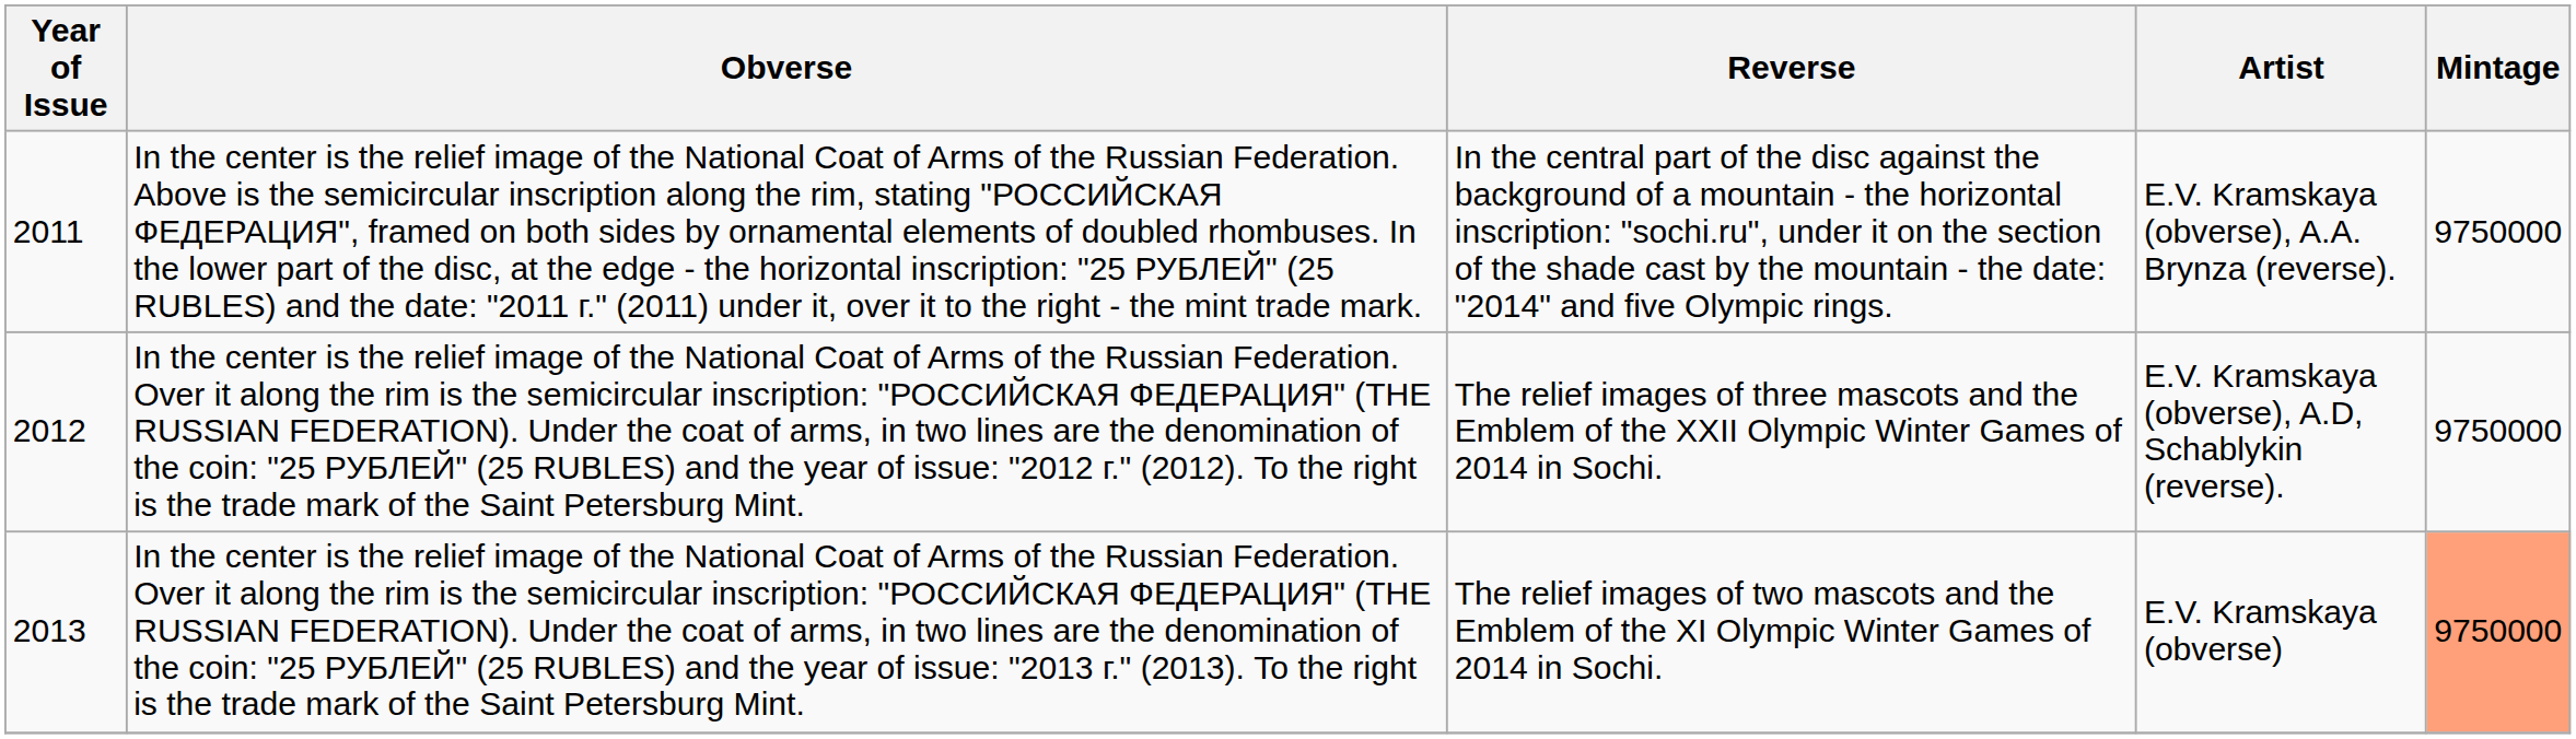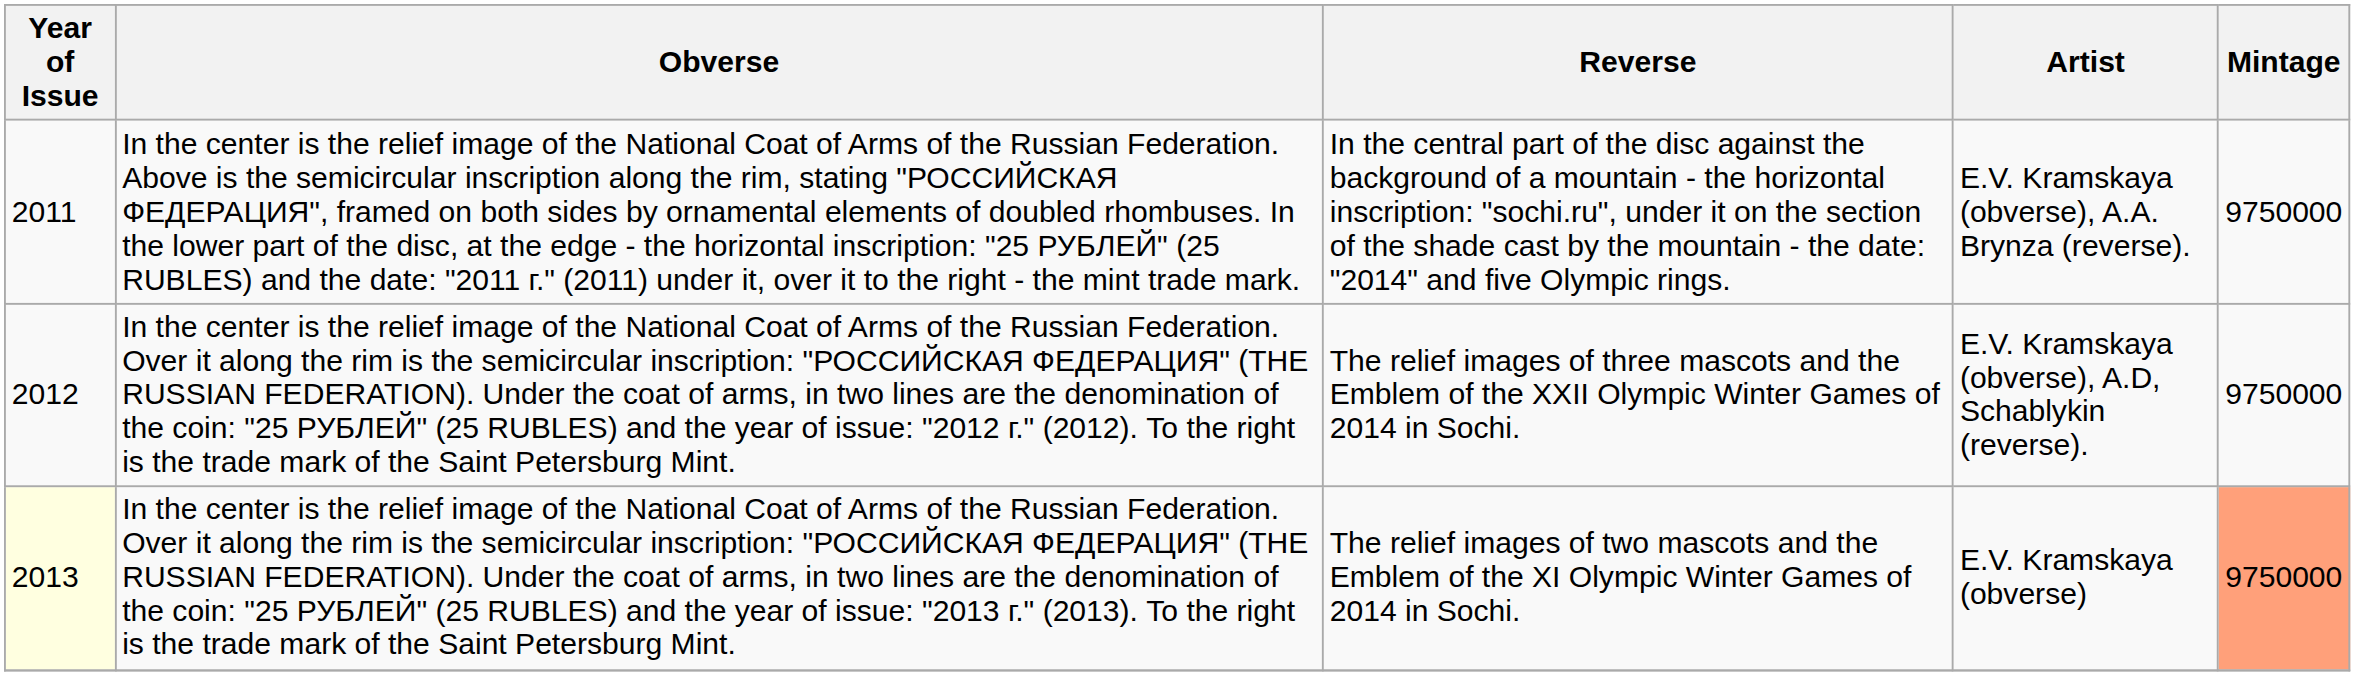 <table class="wikitable">
 <tr>
 <th>Year of Issue</th>
 <th>Obverse</th>
 <th>Reverse</th>
 <th>Artist</th>
 <th>Mintage</th>
 </tr>
 <tr>
 <td>2011</td>
 <td>In the center is the relief image of the National Coat of Arms of the Russian Federation. Above is the semicircular inscription along the rim, stating "РОССИЙСКАЯ ФЕДЕРАЦИЯ", framed on both sides by ornamental elements of doubled rhombuses. In the lower part of the disc, at the edge - the horizontal inscription: "25 РУБЛЕЙ" (25 RUBLES) and the date: "2011 г." (2011) under it, over it to the right - the mint trade mark.</td>
 <td>In the central part of the disc against the background of a mountain - the horizontal inscription: "sochi.ru", under it on the section of the shade cast by the mountain - the date: "2014" and five Olympic rings.</td>
 <td>E.V. Kramskaya (obverse), A.A. Brynza (reverse).</td>
 <td>9750000</td>
 </tr>
 <tr>
 <td>2012</td>
 <td>In the center is the relief image of the National Coat of Arms of the Russian Federation. Over it along the rim is the semicircular inscription: "РОССИЙСКАЯ ФЕДЕРАЦИЯ" (THE RUSSIAN FEDERATION). Under the coat of arms, in two lines are the denomination of the coin: "25 РУБЛЕЙ" (25 RUBLES) and the year of issue: "2012 г." (2012). To the right is the trade mark of the Saint Petersburg Mint.</td>
 <td>The relief images of three mascots and the Emblem of the XXII Olympic Winter Games of 2014 in Sochi.</td>
 <td>E.V. Kramskaya (obverse), A.D, Schablykin (reverse).</td>
 <td>9750000</td>
 </tr>
 <tr>
-<td>2013</td>
+<td style="background: lightyellow;">2013</td>
 <td>In the center is the relief image of the National Coat of Arms of the Russian Federation. Over it along the rim is the semicircular inscription: "РОССИЙСКАЯ ФЕДЕРАЦИЯ" (THE RUSSIAN FEDERATION). Under the coat of arms, in two lines are the denomination of the coin: "25 РУБЛЕЙ" (25 RUBLES) and the year of issue: "2013 г." (2013). To the right is the trade mark of the Saint Petersburg Mint.</td>
 <td>The relief images of two mascots and the Emblem of the XI Olympic Winter Games of 2014 in Sochi.</td>
 <td>E.V. Kramskaya (obverse)</td>
 <td style="background: lightsalmon;">9750000</td>
 </tr>
 <tr>
 </tr>
 </table>
